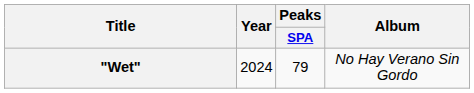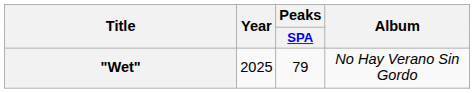 <table class="wikitable plainrowheaders" style="text-align:center;">
 <tr>
 <th scope="col" rowspan="2" style="width:15.5em;">Title</th>
 <th scope="col" rowspan="2" style="width:1em;">Year</th>
 <th scope="col">Peaks</th>
 <th scope="col" rowspan="2" style="width:9.5em;">Album</th>
 </tr>
 <tr>
 <th scope="col" style="width:2.5em;font-size:90%;"><a href='#'>SPA</a><br></th>
 </tr>
 <tr>
 <th scope="row">"Wet"<br></th>
-<td>2024</td>
+<td>2025</td>
 <td>79</td>
 <td><em>No Hay Verano Sin Gordo</em></td>
 </tr>
 </table>
